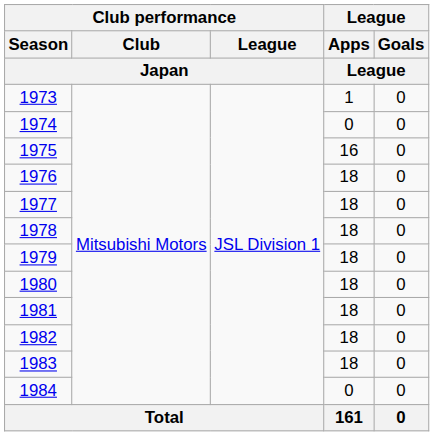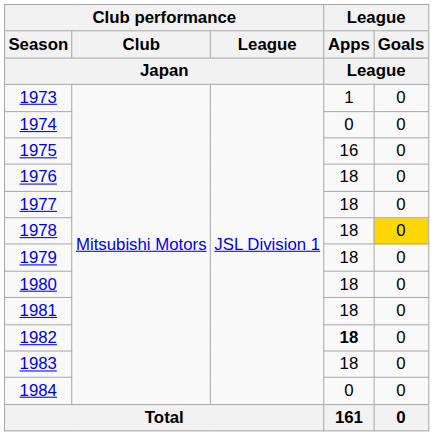 <table class="wikitable" style="text-align:center;">
 <tr>
 <th colspan=3>Club performance</th>
 <th colspan=2>League</th>
 </tr>
 <tr>
 <th>Season</th>
 <th>Club</th>
 <th>League</th>
 <th>Apps</th>
 <th>Goals</th>
 </tr>
 <tr>
 <th colspan=3>Japan</th>
 <th colspan=2>League</th>
 </tr>
 <tr>
 <td><a href='#'>1973</a></td>
 <td rowspan="12"><a href='#'>Mitsubishi Motors</a></td>
 <td rowspan="12"><a href='#'>JSL Division 1</a></td>
 <td>1</td>
 <td>0</td>
 </tr>
 <tr>
 <td><a href='#'>1974</a></td>
 <td>0</td>
 <td>0</td>
 </tr>
 <tr>
 <td><a href='#'>1975</a></td>
 <td>16</td>
 <td>0</td>
 </tr>
 <tr>
 <td><a href='#'>1976</a></td>
 <td>18</td>
 <td>0</td>
 </tr>
 <tr>
 <td><a href='#'>1977</a></td>
 <td>18</td>
 <td>0</td>
 </tr>
 <tr>
 <td><a href='#'>1978</a></td>
 <td>18</td>
-<td>0</td>
+<td style="background: gold;">0</td>
 </tr>
 <tr>
 <td><a href='#'>1979</a></td>
 <td>18</td>
 <td>0</td>
 </tr>
 <tr>
 <td><a href='#'>1980</a></td>
 <td>18</td>
 <td>0</td>
 </tr>
 <tr>
 <td><a href='#'>1981</a></td>
 <td>18</td>
 <td>0</td>
 </tr>
 <tr>
 <td><a href='#'>1982</a></td>
-<td>18</td>
+<td><strong>18</strong></td>
 <td>0</td>
 </tr>
 <tr>
 <td><a href='#'>1983</a></td>
 <td>18</td>
 <td>0</td>
 </tr>
 <tr>
 <td><a href='#'>1984</a></td>
 <td>0</td>
 <td>0</td>
 </tr>
 <tr>
 <th colspan=3>Total</th>
 <th>161</th>
 <th>0</th>
 </tr>
 </table>
